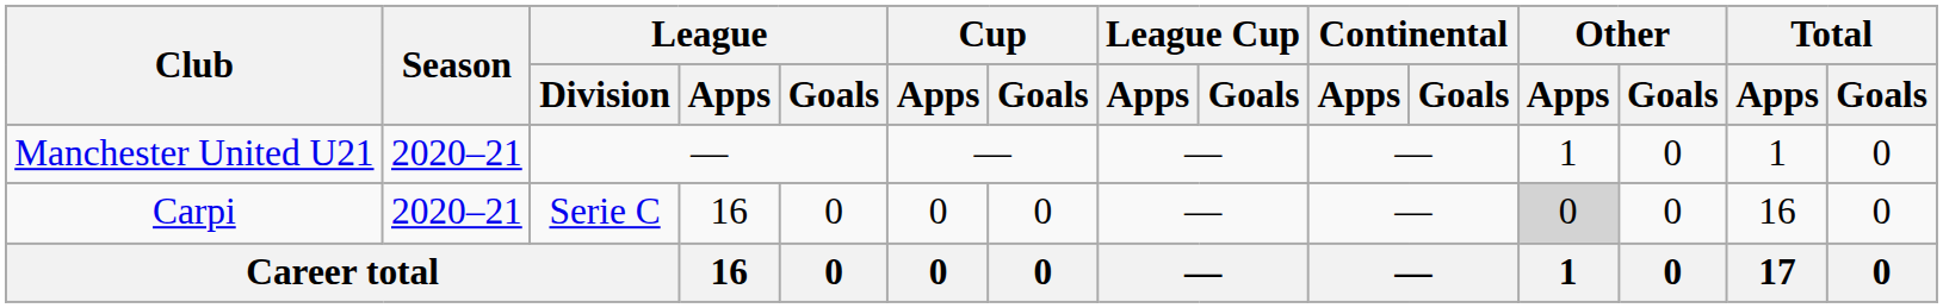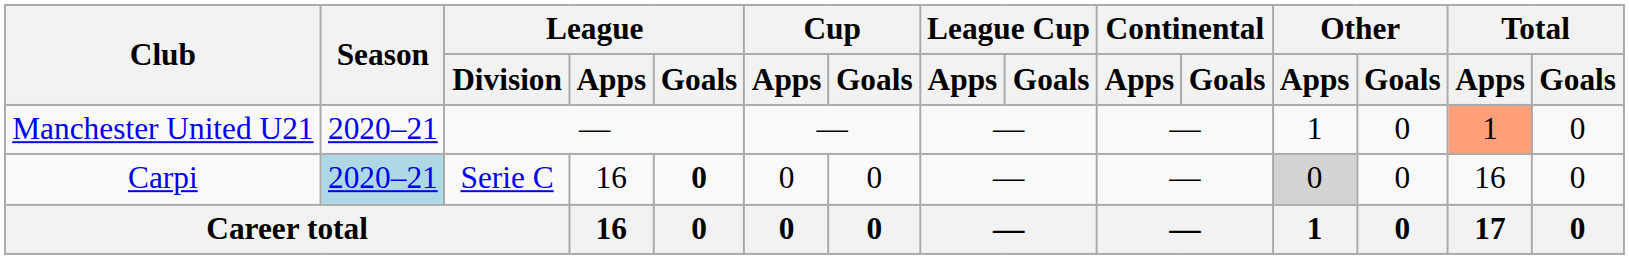 <table class="wikitable" style="text-align:center">
 <tr>
 <th rowspan="2">Club</th>
 <th rowspan="2">Season</th>
 <th colspan="3">League</th>
 <th colspan="2">Cup</th>
 <th colspan="2">League Cup</th>
 <th colspan="2">Continental</th>
 <th colspan="2">Other</th>
 <th colspan="2">Total</th>
 </tr>
 <tr>
 <th>Division</th>
 <th>Apps</th>
 <th>Goals</th>
 <th>Apps</th>
 <th>Goals</th>
 <th>Apps</th>
 <th>Goals</th>
 <th>Apps</th>
 <th>Goals</th>
 <th>Apps</th>
 <th>Goals</th>
 <th>Apps</th>
 <th>Goals</th>
 </tr>
 <tr>
 <td rowspan=1><a href='#'>Manchester United U21</a></td>
 <td><a href='#'>2020–21</a></td>
 <td colspan=3>—</td>
 <td colspan=2>—</td>
 <td colspan=2>—</td>
 <td colspan=2>—</td>
 <td>1</td>
 <td>0</td>
-<td>1</td>
+<td style="background: lightsalmon;">1</td>
 <td>0</td>
 </tr>
 <tr>
 <td rowspan="1"><a href='#'>Carpi</a></td>
-<td><a href='#'>2020–21</a></td>
+<td style="background: lightblue;"><a href='#'>2020–21</a></td>
 <td rowspan="1"><a href='#'>Serie C</a></td>
 <td>16</td>
-<td>0</td>
+<td><strong>0</strong></td>
 <td>0</td>
 <td>0</td>
 <td colspan="2">—</td>
 <td colspan="2">—</td>
 <td style="background: lightgrey;">0</td>
 <td>0</td>
 <td>16</td>
 <td>0</td>
 </tr>
 <tr>
 <th colspan="3">Career total</th>
 <th>16</th>
 <th>0</th>
 <th>0</th>
 <th>0</th>
 <th colspan="2">—</th>
 <th colspan="2">—</th>
 <th>1</th>
 <th>0</th>
 <th>17</th>
 <th>0</th>
 </tr>
 </table>
